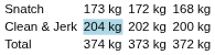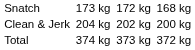 <table>
 <tr>
 <td>Snatch</td>
 <td></td>
 <td>173 kg</td>
 <td></td>
 <td>172 kg</td>
 <td></td>
 <td>168 kg</td>
 </tr>
 <tr>
 <td>Clean & Jerk</td>
 <td></td>
-<td style="background: lightblue;">204 kg</td>
+<td>204 kg</td>
 <td></td>
 <td>202 kg</td>
 <td></td>
 <td>200 kg</td>
 </tr>
 <tr>
 <td>Total</td>
 <td></td>
 <td>374 kg</td>
 <td></td>
 <td>373 kg</td>
 <td></td>
 <td>372 kg</td>
 </tr>
 </table>
